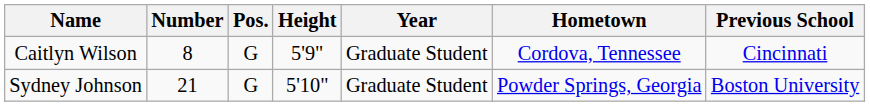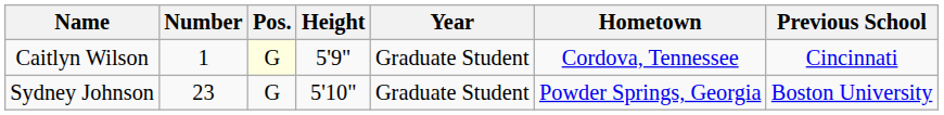 <table class="wikitable sortable" border="1" style="text-align: center;">
 <tr align=center>
 <th>Name</th>
 <th>Number</th>
 <th>Pos.</th>
 <th>Height</th>
 <th>Year</th>
 <th>Hometown</th>
 <th>Previous School</th>
 </tr>
 <tr>
 <td>Caitlyn Wilson</td>
-<td>8</td>
-<td>G</td>
+<td>1</td>
+<td style="background: lightyellow;">G</td>
 <td>5'9"</td>
 <td>Graduate Student</td>
 <td><a href='#'>Cordova, Tennessee</a></td>
 <td><a href='#'>Cincinnati</a></td>
 </tr>
 <tr>
 <td>Sydney Johnson</td>
-<td>21</td>
+<td>23</td>
 <td>G</td>
 <td>5'10"</td>
 <td>Graduate Student</td>
 <td><a href='#'>Powder Springs, Georgia</a></td>
 <td><a href='#'>Boston University</a></td>
 </tr>
 </table>
